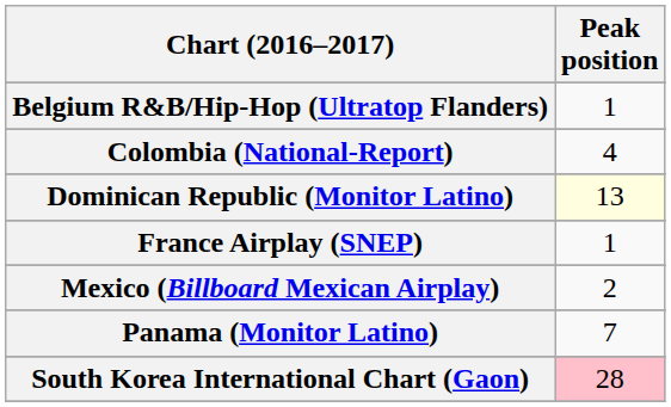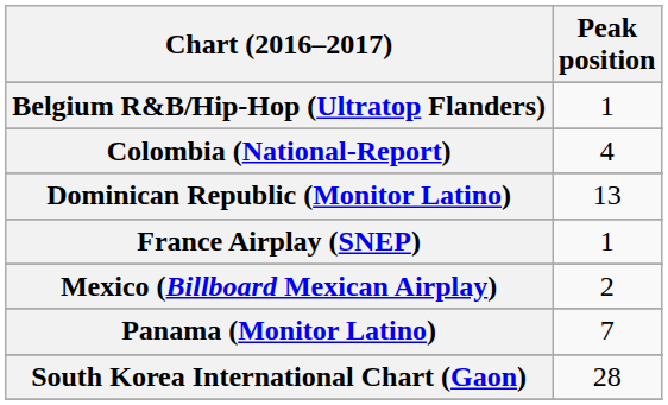 <table class="wikitable plainrowheaders sortable" style="text-align:center;">
 <tr>
 <th scope="col">Chart (2016–2017)</th>
 <th scope="col">Peak<br>position</th>
 </tr>
 <tr>
 </tr>
 <tr>
 </tr>
 <tr>
 </tr>
 <tr>
 <th scope="row">Belgium R&B/Hip-Hop (<a href='#'>Ultratop</a> Flanders)</th>
 <td>1</td>
 </tr>
 <tr>
 </tr>
 <tr>
 </tr>
 <tr>
 <th scope="row">Colombia (<a href='#'>National-Report</a>)</th>
 <td>4</td>
 </tr>
 <tr>
 </tr>
 <tr>
 </tr>
 <tr>
 <th scope="row">Dominican Republic (<a href='#'>Monitor Latino</a>)</th>
-<td style="background: lightyellow;">13</td>
+<td>13</td>
 </tr>
 <tr>
 </tr>
 <tr>
 </tr>
 <tr>
 <th scope="row">France Airplay (<a href='#'>SNEP</a>)</th>
 <td style="text-align:center;">1</td>
 </tr>
 <tr>
 </tr>
 <tr>
 </tr>
 <tr>
 </tr>
 <tr>
 </tr>
 <tr>
 </tr>
 <tr>
 </tr>
 <tr>
 </tr>
 <tr>
 <th scope="row">Mexico (<a href='#'><em>Billboard</em> Mexican Airplay</a>)</th>
 <td>2</td>
 </tr>
 <tr>
 </tr>
 <tr>
 </tr>
 <tr>
 </tr>
 <tr>
 </tr>
 <tr>
 <th scope="row">Panama (<a href='#'>Monitor Latino</a>)</th>
 <td>7</td>
 </tr>
 <tr>
 </tr>
 <tr>
 </tr>
 <tr>
 </tr>
 <tr>
 </tr>
 <tr>
 </tr>
 <tr>
 <th scope="row">South Korea International Chart (<a href='#'>Gaon</a>)</th>
-<td style="background: pink;">28</td>
+<td>28</td>
 </tr>
 <tr>
 </tr>
 <tr>
 </tr>
 <tr>
 </tr>
 <tr>
 </tr>
 <tr>
 </tr>
 <tr>
 </tr>
 <tr>
 </tr>
 <tr>
 </tr>
 <tr>
 </tr>
 <tr>
 </tr>
 <tr>
 </tr>
 </table>
